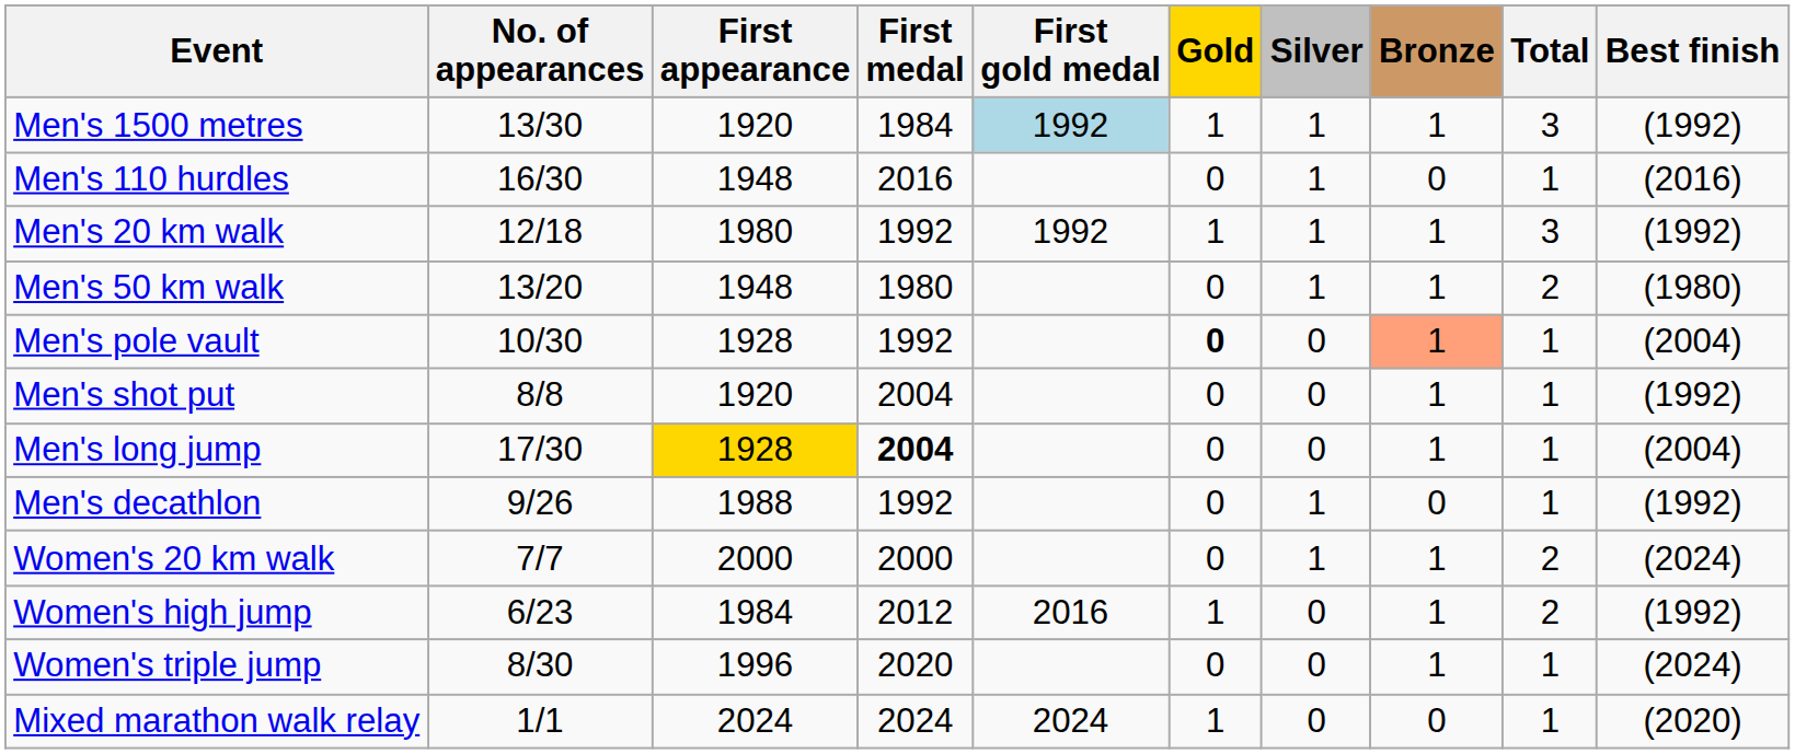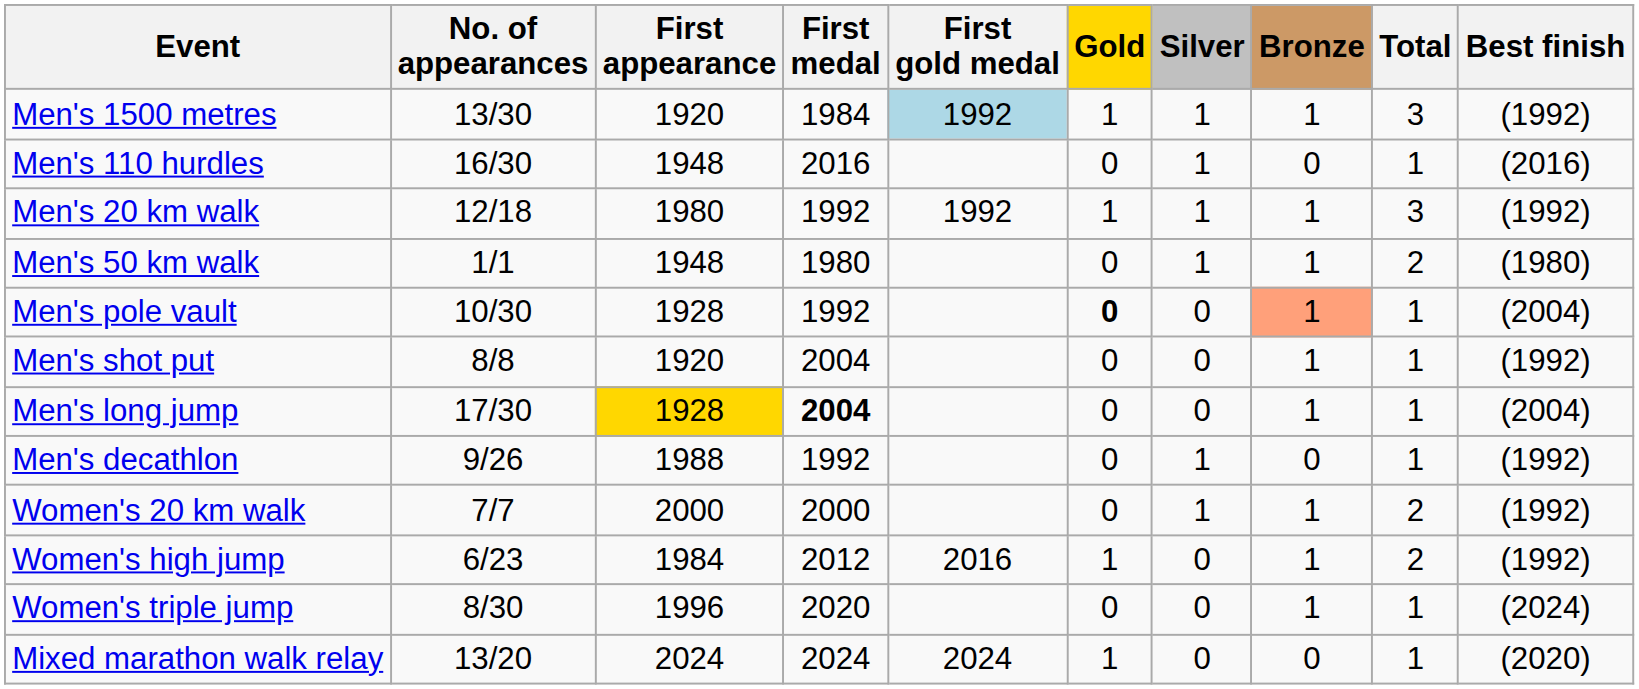 <table class="wikitable sortable" style="text-align:center">
 <tr>
 <th>Event</th>
 <th>No. of<br>appearances</th>
 <th>First<br>appearance</th>
 <th>First<br>medal</th>
 <th>First<br>gold medal</th>
 <th style="background-color:gold;">Gold</th>
 <th style="background-color:silver;">Silver</th>
 <th style="background-color:#c96;">Bronze</th>
 <th>Total</th>
 <th>Best finish</th>
 </tr>
 <tr>
 <td align=left><a href='#'>Men's 1500 metres</a></td>
 <td>13/30</td>
 <td>1920</td>
 <td>1984</td>
 <td style="background: lightblue;">1992</td>
 <td>1</td>
 <td>1</td>
 <td>1</td>
 <td>3</td>
 <td> (1992)</td>
 </tr>
 <tr>
 <td align=left><a href='#'>Men's 110 hurdles</a></td>
 <td>16/30</td>
 <td>1948</td>
 <td>2016</td>
 <td></td>
 <td>0</td>
 <td>1</td>
 <td>0</td>
 <td>1</td>
 <td> (2016)</td>
 </tr>
 <tr>
 <td align=left><a href='#'>Men's 20 km walk</a></td>
 <td>12/18</td>
 <td>1980</td>
 <td>1992</td>
 <td>1992</td>
 <td>1</td>
 <td>1</td>
 <td>1</td>
 <td>3</td>
 <td> (1992)</td>
 </tr>
 <tr>
 <td align=left><a href='#'>Men's 50 km walk</a></td>
-<td>13/20</td>
+<td>1/1</td>
 <td>1948</td>
 <td>1980</td>
 <td></td>
 <td>0</td>
 <td>1</td>
 <td>1</td>
 <td>2</td>
 <td> (1980)</td>
 </tr>
 <tr>
 <td align=left><a href='#'>Men's pole vault</a></td>
 <td>10/30</td>
 <td>1928</td>
 <td>1992</td>
 <td></td>
 <td><strong>0</strong></td>
 <td>0</td>
 <td style="background: lightsalmon;">1</td>
 <td>1</td>
 <td> (2004)</td>
 </tr>
 <tr>
 <td align=left><a href='#'>Men's shot put</a></td>
 <td>8/8</td>
 <td>1920</td>
 <td>2004</td>
 <td></td>
 <td>0</td>
 <td>0</td>
 <td>1</td>
 <td>1</td>
 <td> (1992)</td>
 </tr>
 <tr>
 <td align=left><a href='#'>Men's long jump</a></td>
 <td>17/30</td>
 <td style="background: gold;">1928</td>
 <td><strong>2004</strong></td>
 <td></td>
 <td>0</td>
 <td>0</td>
 <td>1</td>
 <td>1</td>
 <td> (2004)</td>
 </tr>
 <tr>
 <td align=left><a href='#'>Men's decathlon</a></td>
 <td>9/26</td>
 <td>1988</td>
 <td>1992</td>
 <td></td>
 <td>0</td>
 <td>1</td>
 <td>0</td>
 <td>1</td>
 <td> (1992)</td>
 </tr>
 <tr>
 <td align=left><a href='#'>Women's 20 km walk</a></td>
 <td>7/7</td>
 <td>2000</td>
 <td>2000</td>
 <td></td>
 <td>0</td>
 <td>1</td>
 <td>1</td>
 <td>2</td>
-<td> (2024)</td>
+<td> (1992)</td>
 </tr>
 <tr>
 <td align=left><a href='#'>Women's high jump</a></td>
 <td>6/23</td>
 <td>1984</td>
 <td>2012</td>
 <td>2016</td>
 <td>1</td>
 <td>0</td>
 <td>1</td>
 <td>2</td>
 <td> (1992)</td>
 </tr>
 <tr>
 <td align=left><a href='#'>Women's triple jump</a></td>
 <td>8/30</td>
 <td>1996</td>
 <td>2020</td>
 <td></td>
 <td>0</td>
 <td>0</td>
 <td>1</td>
 <td>1</td>
 <td> (2024)</td>
 </tr>
 <tr>
 <td align=left><a href='#'>Mixed marathon walk relay</a></td>
-<td>1/1</td>
+<td>13/20</td>
 <td>2024</td>
 <td>2024</td>
 <td>2024</td>
 <td>1</td>
 <td>0</td>
 <td>0</td>
 <td>1</td>
 <td> (2020)</td>
 </tr>
 </table>
